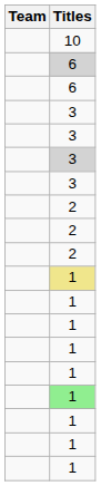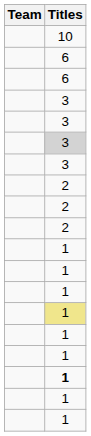 <table class="wikitable sortable" style="text-align:center">
 <tr>
 <th>Team</th>
 <th>Titles</th>
 </tr>
 <tr>
 <td style=><strong></strong></td>
 <td>10</td>
 </tr>
 <tr>
 <td style=><strong></strong></td>
-<td style="background: lightgrey;">6</td>
+<td>6</td>
 </tr>
 <tr>
 <td style=><strong></strong></td>
 <td>6</td>
 </tr>
 <tr>
 <td style=><strong></strong></td>
 <td>3</td>
 </tr>
 <tr>
 <td style=><strong></strong></td>
 <td>3</td>
 </tr>
 <tr>
 <td style=><strong></strong></td>
 <td style="background: lightgrey;">3</td>
 </tr>
 <tr>
 <td style=><strong></strong></td>
 <td>3</td>
 </tr>
 <tr>
 <td style=><strong></strong></td>
 <td>2</td>
 </tr>
 <tr>
 <td style=><strong></strong></td>
 <td>2</td>
 </tr>
 <tr>
 <td style=><strong></strong></td>
 <td>2</td>
 </tr>
 <tr>
 <td style=><strong></strong></td>
+<td>1</td>
+</tr>
+<tr>
+<td style=><strong></strong></td>
+<td>1</td>
+</tr>
+<tr>
+<td style=><strong></strong></td>
+<td>1</td>
+</tr>
+<tr>
+<td style=><strong></strong></td>
 <td style="background: khaki;">1</td>
 </tr>
 <tr>
 <td style=><strong></strong></td>
 <td>1</td>
 </tr>
 <tr>
 <td style=><strong></strong></td>
 <td>1</td>
 </tr>
 <tr>
 <td style=><strong></strong></td>
-<td>1</td>
-</tr>
-<tr>
-<td style=><strong></strong></td>
-<td>1</td>
-</tr>
-<tr>
-<td style=><strong></strong></td>
-<td style="background: lightgreen;">1</td>
-</tr>
-<tr>
-<td style=><strong></strong></td>
-<td>1</td>
+<td><strong>1</strong></td>
 </tr>
 <tr>
 <td style=><strong></strong></td>
 <td>1</td>
 </tr>
 <tr>
 <td style=><strong></strong></td>
 <td>1</td>
 </tr>
 </table>
